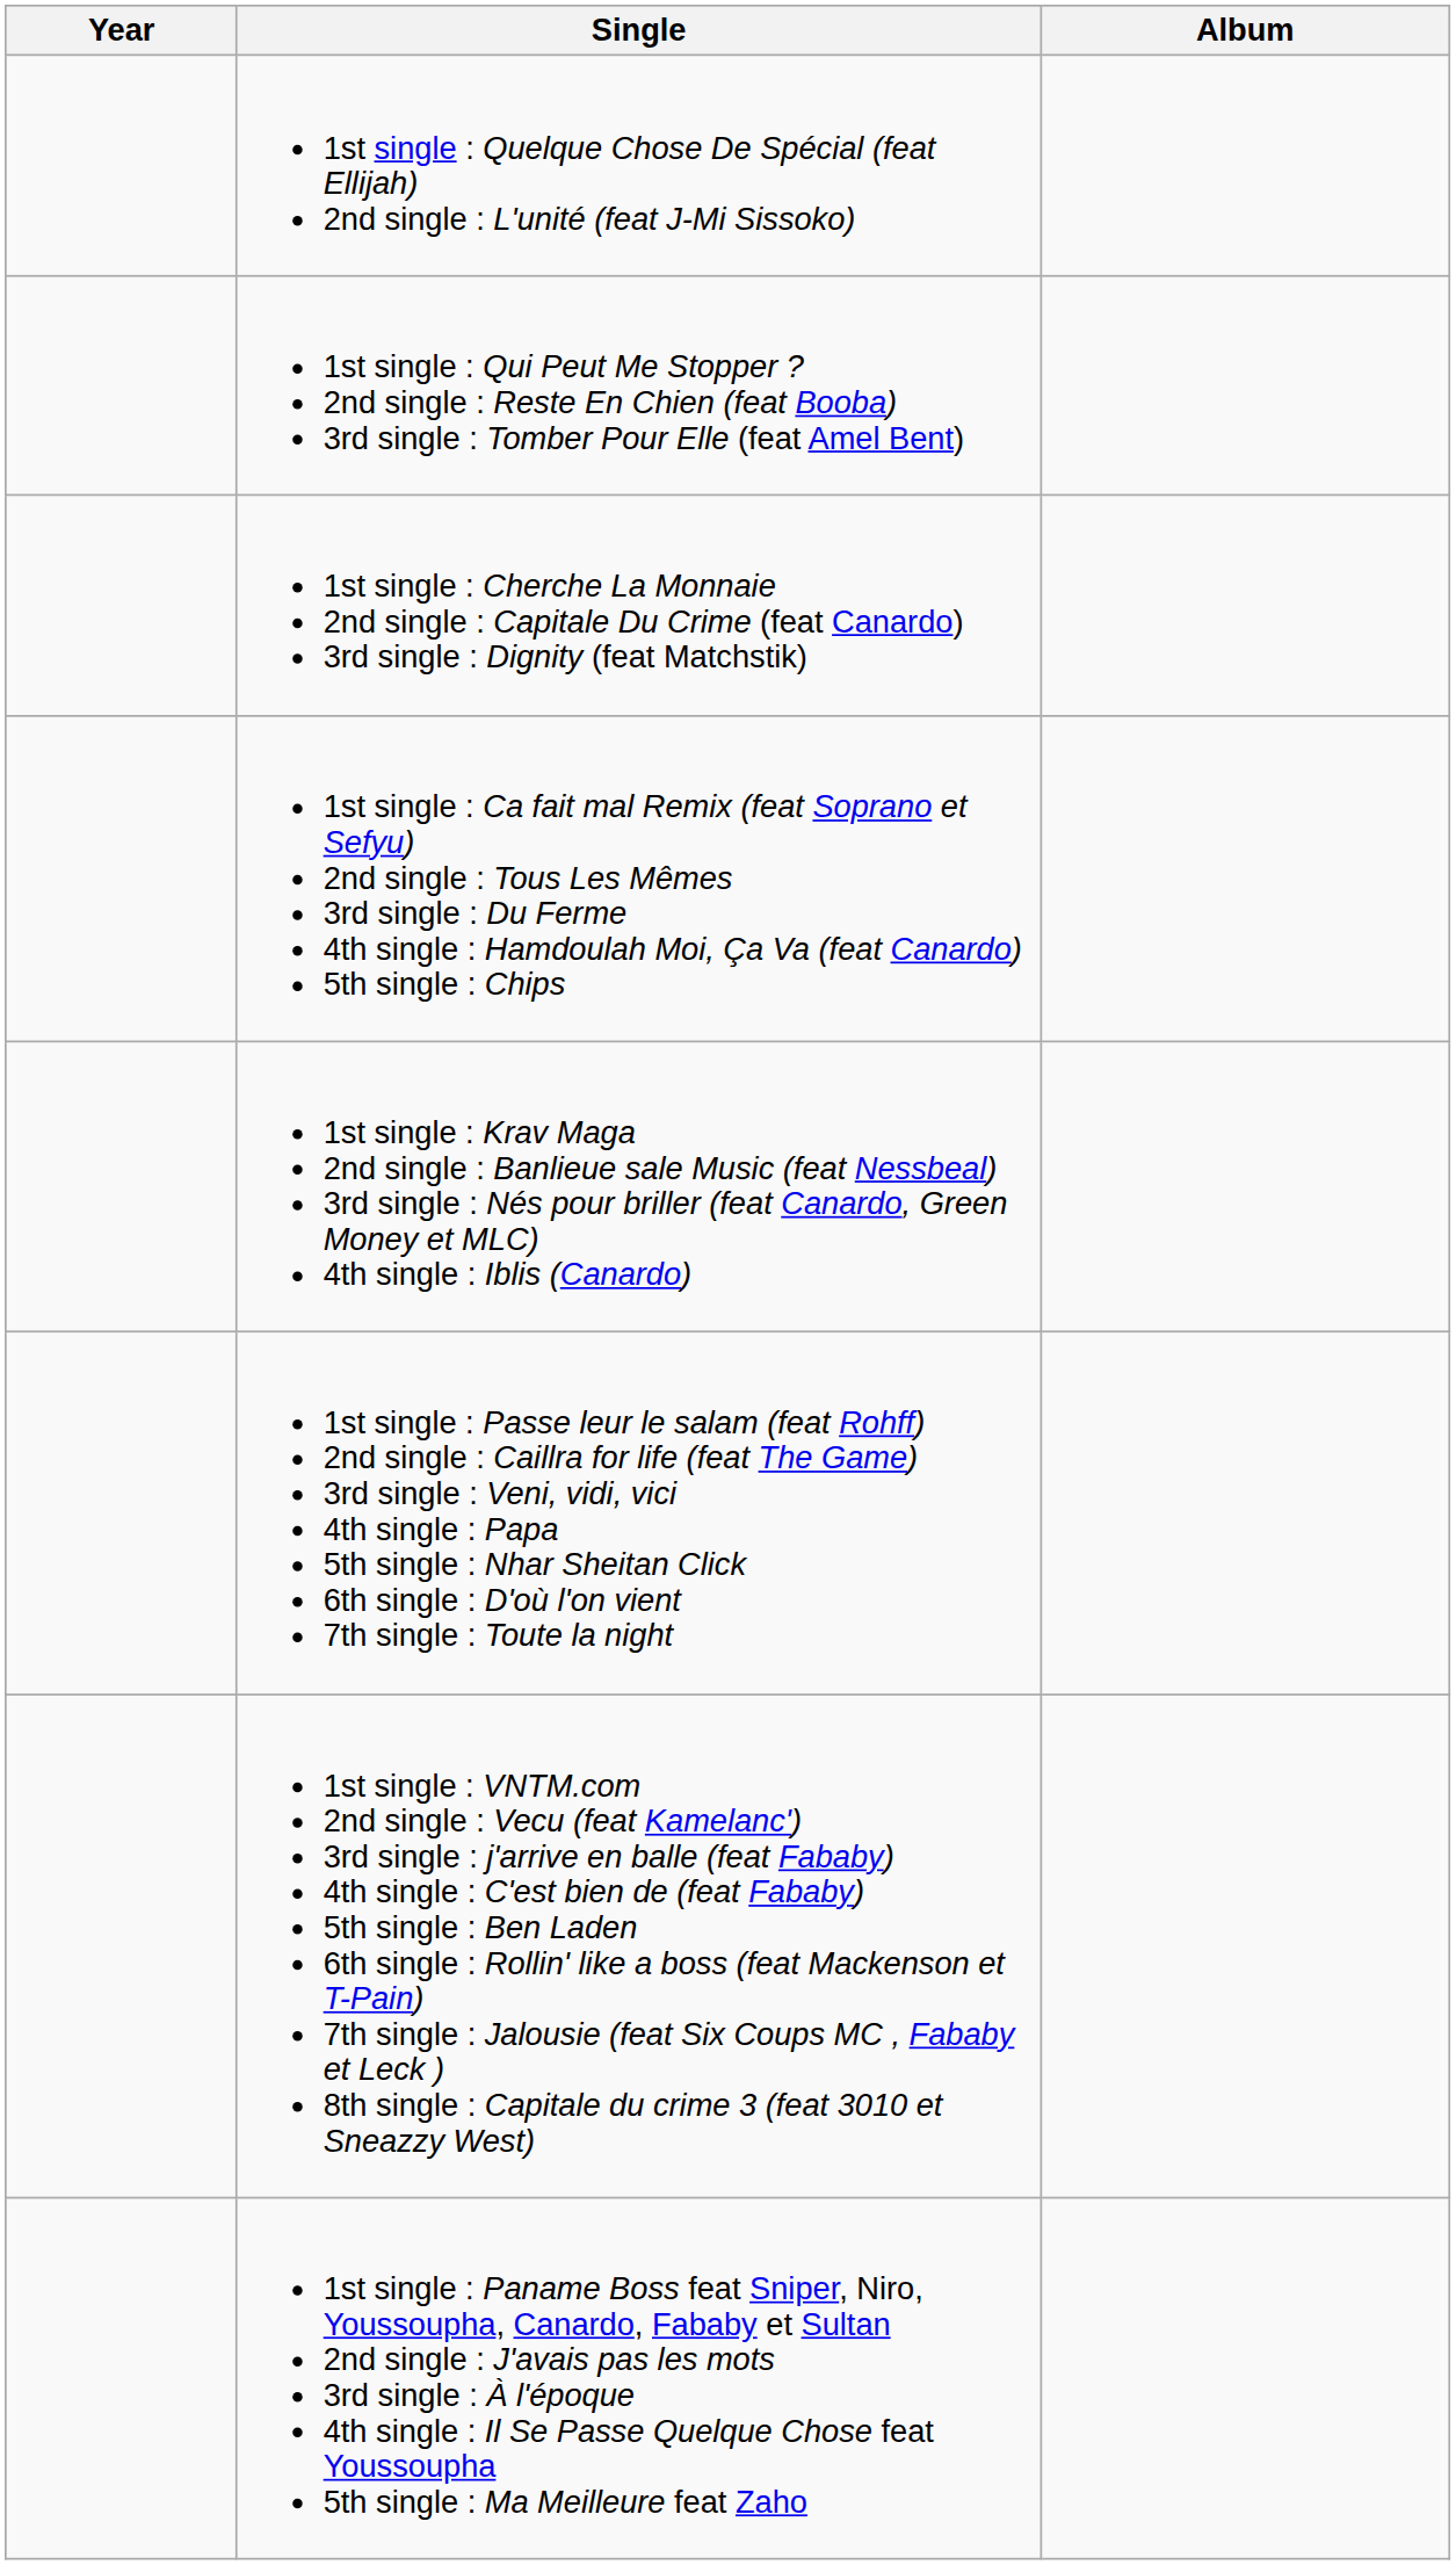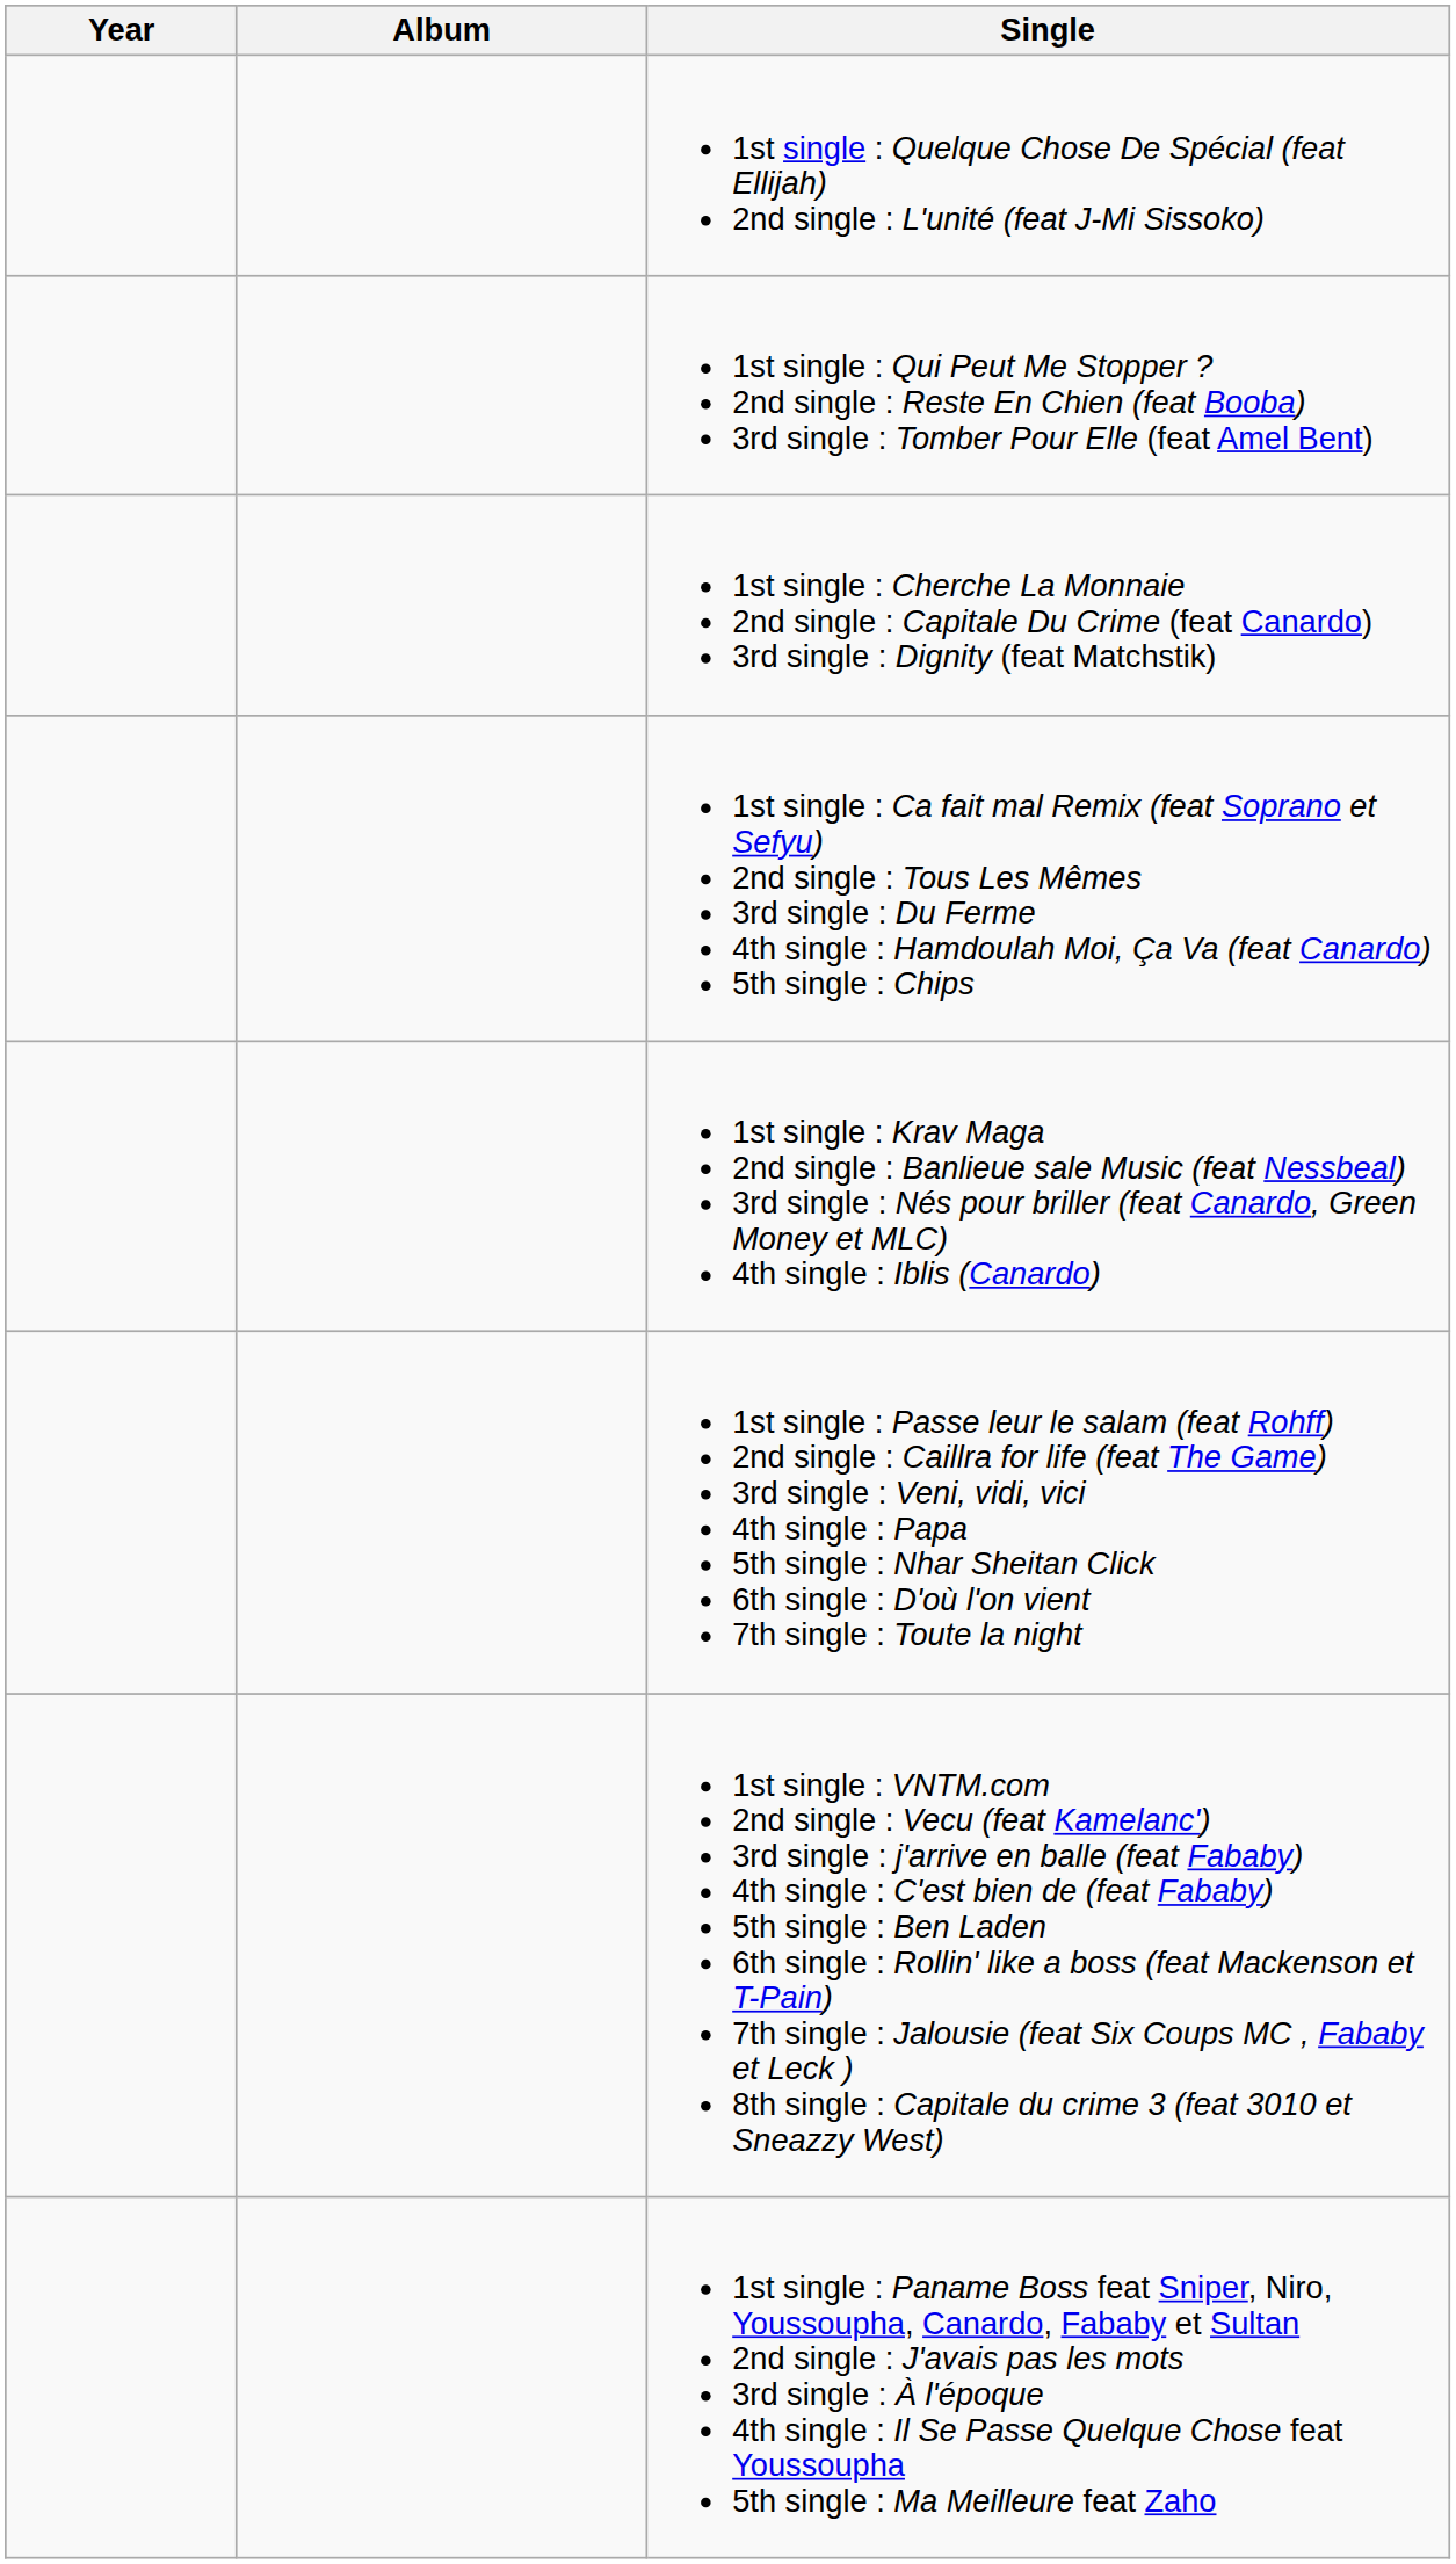 <table class="wikitable">
 <tr>
 <th width="110" rowspan="1"><strong>Year</strong></th>
+<th width="200" rowspan="1"><strong>Album</strong></th>
 <th width="400" rowspan="1"><strong>Single</strong></th>
-<th width="200" rowspan="1"><strong>Album</strong></th>
 </tr>
 <tr>
 <td></td>
+<td></td>
 <td><br><ul><li>1st <a href='#'>single</a> : <em>Quelque Chose De Spécial (feat Ellijah)</em></li><li>2nd single : <em>L'unité (feat J-Mi Sissoko)</em></li></ul></td>
-<td></td>
 </tr>
 <tr>
 <td></td>
+<td></td>
 <td><br><ul><li>1st single : <em>Qui Peut Me Stopper ?</em></li><li>2nd single : <em>Reste En Chien (feat <a href='#'>Booba</a>)</em></li><li>3rd single : <em>Tomber Pour Elle</em> (feat <a href='#'>Amel Bent</a>)</li></ul></td>
-<td></td>
 </tr>
 <tr>
 <td></td>
+<td></td>
 <td><br><ul><li>1st single : <em>Cherche La Monnaie</em></li><li>2nd single : <em>Capitale Du Crime</em> (feat <a href='#'>Canardo</a>)</li><li>3rd single : <em>Dignity</em> (feat Matchstik)</li></ul></td>
-<td></td>
 </tr>
 <tr>
 <td></td>
+<td></td>
 <td><br><ul><li>1st single : <em>Ca fait mal Remix (feat <a href='#'>Soprano</a> et <a href='#'>Sefyu</a>)</em></li><li>2nd single : <em>Tous Les Mêmes</em></li><li>3rd single : <em>Du Ferme</em></li><li>4th single : <em>Hamdoulah Moi, Ça Va (feat <a href='#'>Canardo</a>)</em></li><li>5th single : <em>Chips</em></li></ul></td>
-<td></td>
 </tr>
 <tr>
 <td></td>
+<td></td>
 <td><br><ul><li>1st single : <em>Krav Maga</em></li><li>2nd single : <em>Banlieue sale Music (feat <a href='#'>Nessbeal</a>)</em></li><li>3rd single : <em>Nés pour briller (feat <a href='#'>Canardo</a>, Green Money et MLC)</em></li><li>4th single : <em>Iblis (<a href='#'>Canardo</a>)</em></li></ul></td>
-<td></td>
 </tr>
 <tr>
 <td></td>
+<td></td>
 <td><br><ul><li>1st single : <em>Passe leur le salam (feat <a href='#'>Rohff</a>)</em></li><li>2nd single : <em>Caillra for life (feat <a href='#'>The Game</a>)</em></li><li>3rd single : <em>Veni, vidi, vici</em></li><li>4th single : <em>Papa</em></li><li>5th single : <em>Nhar Sheitan Click</em></li><li>6th single : <em>D'où l'on vient</em></li><li>7th single : <em>Toute la night</em></li></ul></td>
-<td></td>
 </tr>
 <tr>
 <td></td>
+<td></td>
 <td><br><ul><li>1st single : <em>VNTM.com</em></li><li>2nd single : <em>Vecu (feat <a href='#'>Kamelanc'</a>)</em></li><li>3rd single : <em>j'arrive en balle (feat <a href='#'>Fababy</a>)</em></li><li>4th single : <em>C'est bien de (feat <a href='#'>Fababy</a>)</em></li><li>5th single : <em>Ben Laden</em></li><li>6th single : <em>Rollin' like a boss (feat Mackenson et <a href='#'>T-Pain</a>)</em></li><li>7th single : <em>Jalousie (feat Six Coups MC , <a href='#'>Fababy</a> et Leck )</em></li><li>8th single : <em>Capitale du crime 3 (feat 3010 et Sneazzy West)</em></li></ul></td>
-<td></td>
 </tr>
 <tr>
 <td></td>
+<td></td>
 <td><br><ul><li>1st single : <em>Paname Boss</em> feat <a href='#'>Sniper</a>, Niro, <a href='#'>Youssoupha</a>, <a href='#'>Canardo</a>, <a href='#'>Fababy</a> et <a href='#'>Sultan</a></li><li>2nd single : <em>J'avais pas les mots</em></li><li>3rd single : <em>À l'époque</em></li><li>4th single : <em>Il Se Passe Quelque Chose</em> feat <a href='#'>Youssoupha</a></li><li>5th single : <em> Ma Meilleure</em> feat <a href='#'>Zaho</a></li></ul></td>
-<td></td>
 </tr>
 </table>
